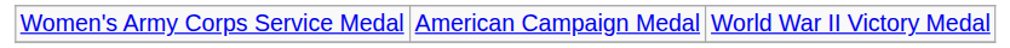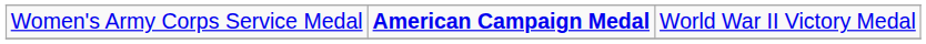 <table class="wikitable" style="margin:1em auto; text-align:center;">
 <tr>
 </tr>
 <tr>
 <td><a href='#'>Women's Army Corps Service Medal</a></td>
-<td><a href='#'>American Campaign Medal</a></td>
+<td><strong><a href='#'>American Campaign Medal</a></strong></td>
 <td><a href='#'>World War II Victory Medal</a></td>
 </tr>
 <tr>
 </tr>
 </table>
